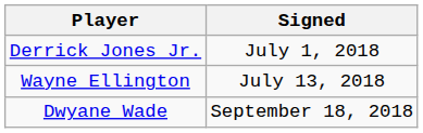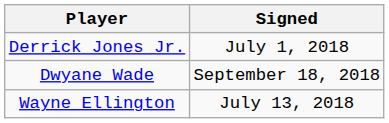 <table class="wikitable sortable" style="text-align:center;">
 <tr>
 <th>Player</th>
 <th>Signed</th>
 </tr>
 <tr>
 <td><a href='#'>Derrick Jones Jr.</a></td>
 <td>July 1, 2018</td>
 </tr>
 <tr>
+<td><a href='#'>Dwyane Wade</a></td>
+<td>September 18, 2018</td>
+</tr>
+<tr>
 <td><a href='#'>Wayne Ellington</a></td>
 <td>July 13, 2018</td>
 </tr>
-<tr>
-<td><a href='#'>Dwyane Wade</a></td>
-<td>September 18, 2018</td>
-</tr>
 </table>
